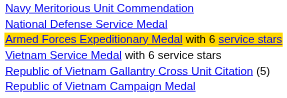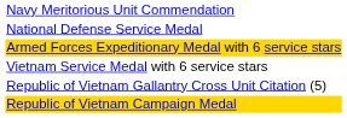 <table border=0>
 <tr>
 <td> <a href='#'>Navy Meritorious Unit Commendation</a></td>
 </tr>
 <tr>
 <td> <a href='#'>National Defense Service Medal</a></td>
 </tr>
 <tr>
 <td style="background: gold;"> <a href='#'>Armed Forces Expeditionary Medal</a> with 6 <a href='#'>service stars</a></td>
 </tr>
 <tr>
 <td> <a href='#'>Vietnam Service Medal</a> with 6 service stars</td>
 </tr>
 <tr>
 <td> <a href='#'>Republic of Vietnam Gallantry Cross Unit Citation</a> (5)</td>
 </tr>
 <tr>
-<td> <a href='#'>Republic of Vietnam Campaign Medal</a></td>
+<td style="background: gold;"> <a href='#'>Republic of Vietnam Campaign Medal</a></td>
 </tr>
 <tr>
 </tr>
 </table>
